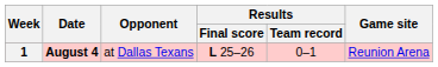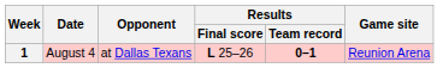 <table class="wikitable" style="font-size: 92%;" "align=center">
 <tr>
 <th rowspan="2">Week</th>
 <th rowspan="2">Date</th>
 <th rowspan="2">Opponent</th>
 <th colspan="2">Results</th>
 <th rowspan="2">Game site</th>
 </tr>
 <tr>
 <th>Final score</th>
 <th>Team record</th>
 </tr>
 <tr style="background:#fcc">
 <th>1</th>
-<td style="text-align:center;"><strong>August 4</strong></td>
+<td style="text-align:center;">August 4</td>
 <td style="text-align:center;">at <a href='#'>Dallas Texans</a></td>
 <td style="text-align:center;"><strong>L</strong> 25–26</td>
-<td style="text-align:center;">0–1</td>
+<td style="text-align:center;"><strong>0–1</strong></td>
 <td style="text-align:center;"><a href='#'>Reunion Arena</a></td>
 </tr>
 </table>
